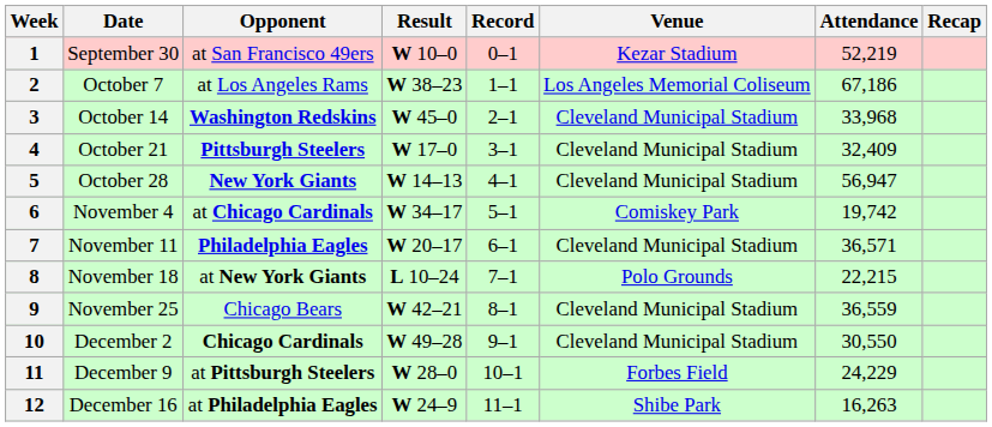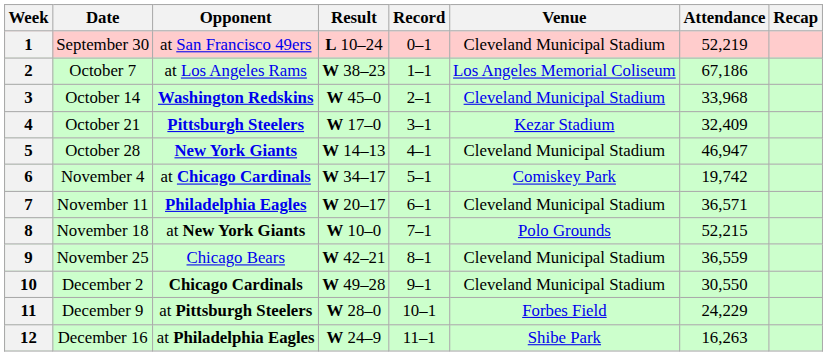 <table class="wikitable" style="text-align:center">
 <tr>
 <th>Week</th>
 <th>Date</th>
 <th>Opponent</th>
 <th>Result</th>
 <th>Record</th>
 <th>Venue</th>
 <th>Attendance</th>
 <th>Recap</th>
 </tr>
 <tr style="background:#fcc">
 <th>1</th>
 <td>September 30</td>
 <td>at <a href='#'>San Francisco 49ers</a></td>
-<td><strong>W</strong> 10–0</td>
+<td><strong>L</strong> 10–24</td>
 <td>0–1</td>
-<td><a href='#'>Kezar Stadium</a></td>
+<td>Cleveland Municipal Stadium</td>
 <td>52,219</td>
 <td></td>
 </tr>
 <tr style="background:#cfc">
 <th>2</th>
 <td>October 7</td>
 <td>at <a href='#'>Los Angeles Rams</a></td>
 <td><strong>W</strong> 38–23</td>
 <td>1–1</td>
 <td><a href='#'>Los Angeles Memorial Coliseum</a></td>
 <td>67,186</td>
 <td></td>
 </tr>
 <tr style="background:#cfc">
 <th>3</th>
 <td>October 14</td>
 <td><strong><a href='#'>Washington Redskins</a></strong></td>
 <td><strong>W</strong> 45–0</td>
 <td>2–1</td>
 <td><a href='#'>Cleveland Municipal Stadium</a></td>
 <td>33,968</td>
 <td></td>
 </tr>
 <tr style="background:#cfc">
 <th>4</th>
 <td>October 21</td>
 <td><strong><a href='#'>Pittsburgh Steelers</a></strong></td>
 <td><strong>W</strong> 17–0</td>
 <td>3–1</td>
-<td>Cleveland Municipal Stadium</td>
+<td><a href='#'>Kezar Stadium</a></td>
 <td>32,409</td>
 <td></td>
 </tr>
 <tr style="background:#cfc">
 <th>5</th>
 <td>October 28</td>
 <td><strong><a href='#'>New York Giants</a></strong></td>
 <td><strong>W</strong> 14–13</td>
 <td>4–1</td>
 <td>Cleveland Municipal Stadium</td>
-<td>56,947</td>
+<td>46,947</td>
 <td></td>
 </tr>
 <tr style="background:#cfc">
 <th>6</th>
 <td>November 4</td>
 <td>at <strong><a href='#'>Chicago Cardinals</a></strong></td>
 <td><strong>W</strong> 34–17</td>
 <td>5–1</td>
 <td><a href='#'>Comiskey Park</a></td>
 <td>19,742</td>
 <td></td>
 </tr>
 <tr style="background:#cfc">
 <th>7</th>
 <td>November 11</td>
 <td><strong><a href='#'>Philadelphia Eagles</a></strong></td>
 <td><strong>W</strong> 20–17</td>
 <td>6–1</td>
 <td>Cleveland Municipal Stadium</td>
 <td>36,571</td>
 <td></td>
 </tr>
 <tr style="background:#cfc">
 <th>8</th>
 <td>November 18</td>
 <td>at <strong>New York Giants</strong></td>
-<td><strong>L</strong> 10–24</td>
+<td><strong>W</strong> 10–0</td>
 <td>7–1</td>
 <td><a href='#'>Polo Grounds</a></td>
-<td>22,215</td>
+<td>52,215</td>
 <td></td>
 </tr>
 <tr style="background:#cfc">
 <th>9</th>
 <td>November 25</td>
 <td><a href='#'>Chicago Bears</a></td>
 <td><strong>W</strong> 42–21</td>
 <td>8–1</td>
 <td>Cleveland Municipal Stadium</td>
 <td>36,559</td>
 <td></td>
 </tr>
 <tr style="background:#cfc">
 <th>10</th>
 <td>December 2</td>
 <td><strong>Chicago Cardinals</strong></td>
 <td><strong>W</strong> 49–28</td>
 <td>9–1</td>
 <td>Cleveland Municipal Stadium</td>
 <td>30,550</td>
 <td></td>
 </tr>
 <tr style="background:#cfc">
 <th>11</th>
 <td>December 9</td>
 <td>at <strong>Pittsburgh Steelers</strong></td>
 <td><strong>W</strong> 28–0</td>
 <td>10–1</td>
 <td><a href='#'>Forbes Field</a></td>
 <td>24,229</td>
 <td></td>
 </tr>
 <tr style="background:#cfc">
 <th>12</th>
 <td>December 16</td>
 <td>at <strong>Philadelphia Eagles</strong></td>
 <td><strong>W</strong> 24–9</td>
 <td>11–1</td>
 <td><a href='#'>Shibe Park</a></td>
 <td>16,263</td>
 <td></td>
 </tr>
 </table>
